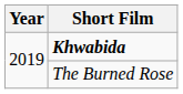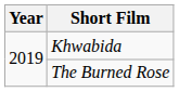 <table class="wikitable">
 <tr>
 <th><strong>Year</strong></th>
 <th><strong>Short Film</strong></th>
 </tr>
 <tr>
 <td rowspan="2">2019</td>
-<td><strong><em>Khwabida</em></strong></td>
+<td><em>Khwabida</em></td>
 </tr>
 <tr>
 <td><em>The Burned Rose</em></td>
 </tr>
 </table>
